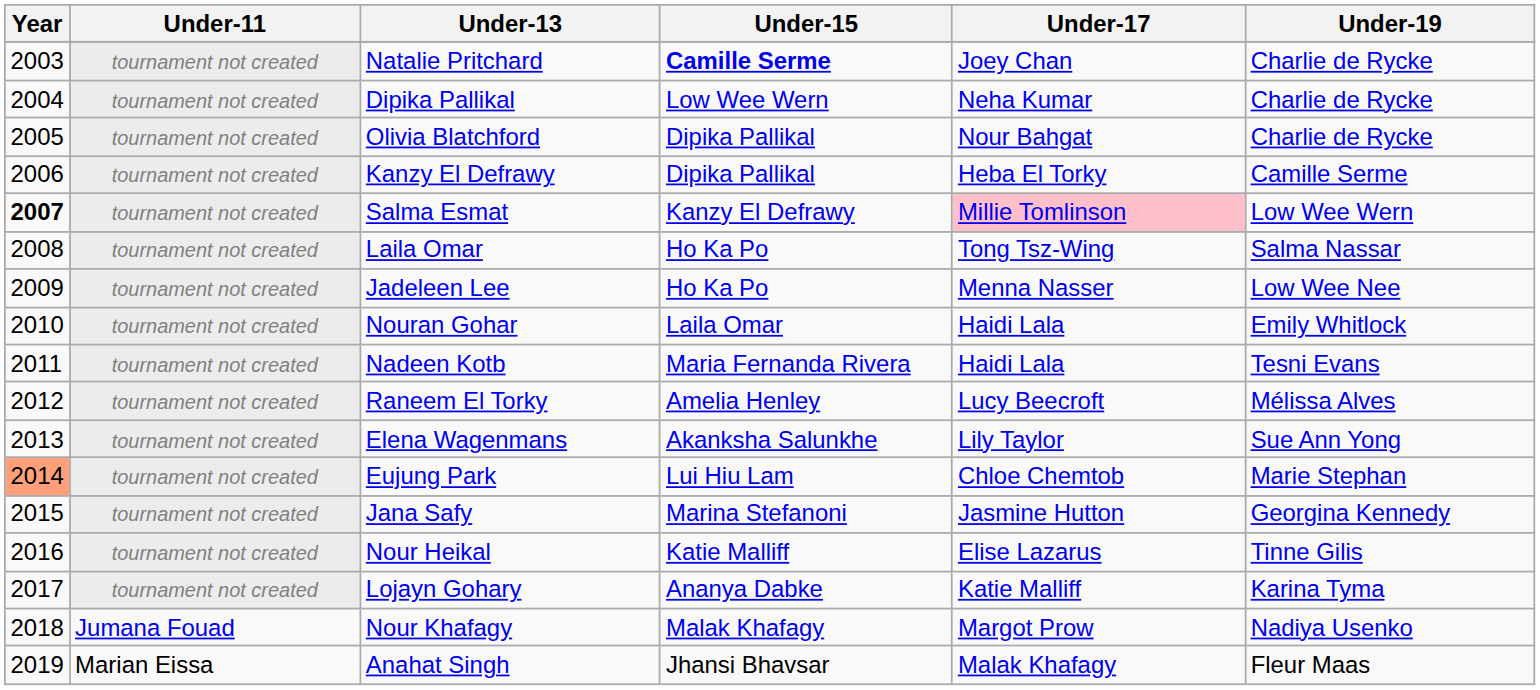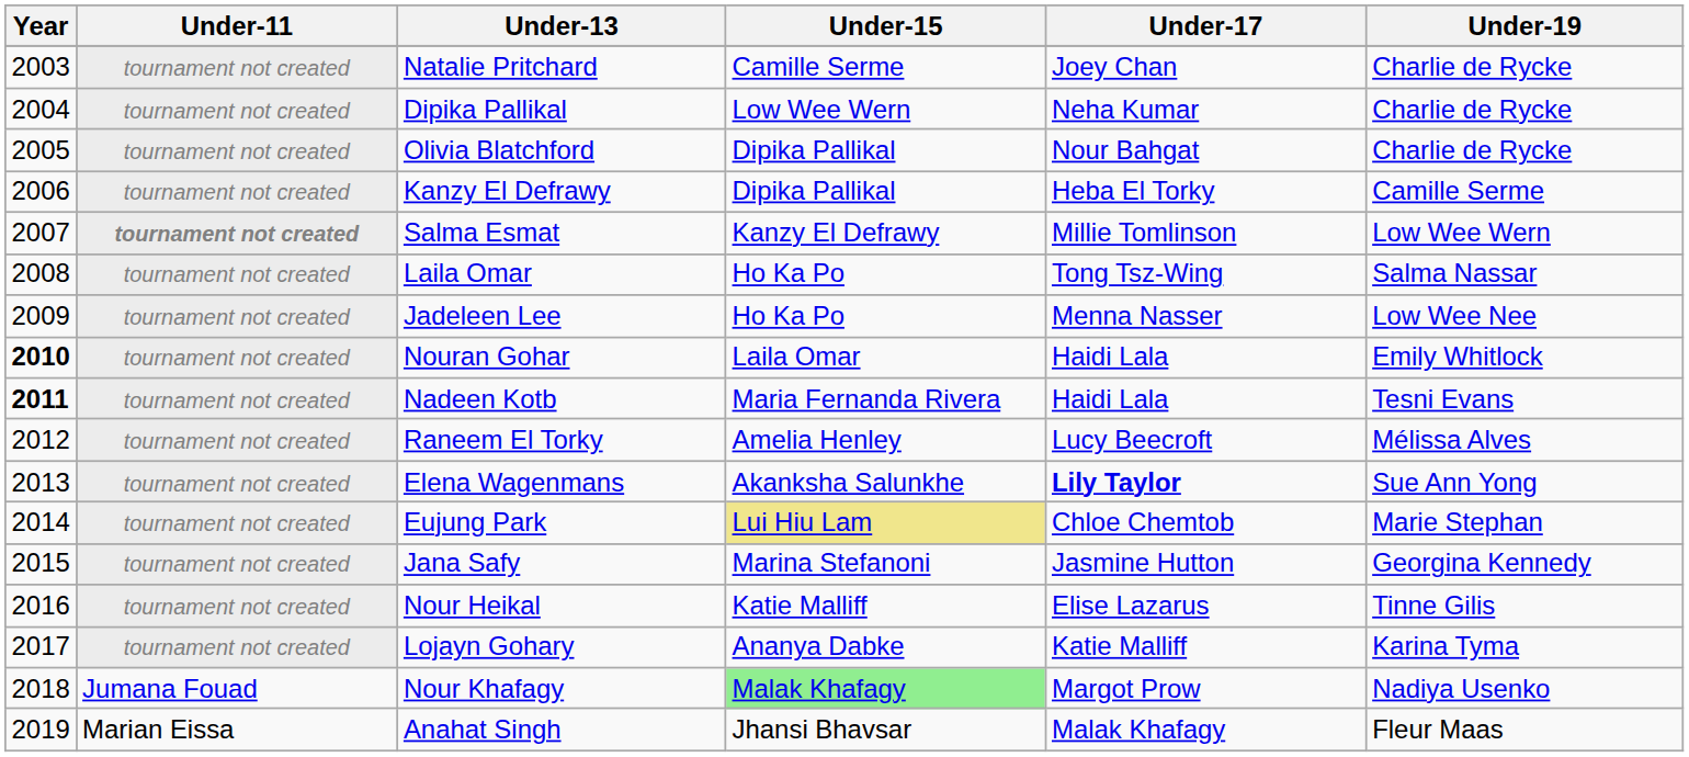 <table class="wikitable sortable" style="font-size: 85%">
 <tr>
 <th>Year</th>
 <th width=200>Under-11</th>
 <th width=200>Under-13</th>
 <th width=200>Under-15</th>
 <th width=200>Under-17</th>
 <th width=200>Under-19</th>
 </tr>
 <tr>
 </tr>
 <tr>
 <td>2003</td>
 <td style="background: #ececec; color: grey; text-align: center" class="table-na"><small><em>tournament not created</em></small></td>
 <td> <a href='#'>Natalie Pritchard</a></td>
-<td><strong> <a href='#'>Camille Serme</a></strong></td>
+<td> <a href='#'>Camille Serme</a></td>
 <td> <a href='#'>Joey Chan</a></td>
 <td> <a href='#'>Charlie de Rycke</a></td>
 </tr>
 <tr>
 <td>2004</td>
 <td style="background: #ececec; color: grey; text-align: center" class="table-na"><small><em>tournament not created</em></small></td>
 <td> <a href='#'>Dipika Pallikal</a></td>
 <td> <a href='#'>Low Wee Wern</a></td>
 <td> <a href='#'>Neha Kumar</a></td>
 <td> <a href='#'>Charlie de Rycke</a></td>
 </tr>
 <tr>
 <td>2005</td>
 <td style="background: #ececec; color: grey; text-align: center" class="table-na"><small><em>tournament not created</em></small></td>
 <td> <a href='#'>Olivia Blatchford</a></td>
 <td> <a href='#'>Dipika Pallikal</a></td>
 <td> <a href='#'>Nour Bahgat</a></td>
 <td> <a href='#'>Charlie de Rycke</a></td>
 </tr>
 <tr>
 <td>2006</td>
 <td style="background: #ececec; color: grey; text-align: center" class="table-na"><small><em>tournament not created</em></small></td>
 <td> <a href='#'>Kanzy El Defrawy</a></td>
 <td> <a href='#'>Dipika Pallikal</a></td>
 <td> <a href='#'>Heba El Torky</a></td>
 <td> <a href='#'>Camille Serme</a></td>
 </tr>
 <tr>
-<td><strong>2007</strong></td>
-<td style="background: #ececec; color: grey; text-align: center" class="table-na"><small><em>tournament not created</em></small></td>
+<td>2007</td>
+<td style="background: #ececec; color: grey; text-align: center" class="table-na"><strong><small><em>tournament not created</em></small></strong></td>
 <td> <a href='#'>Salma Esmat</a></td>
 <td> <a href='#'>Kanzy El Defrawy</a></td>
-<td style="background: pink;"> <a href='#'>Millie Tomlinson</a></td>
+<td> <a href='#'>Millie Tomlinson</a></td>
 <td> <a href='#'>Low Wee Wern</a></td>
 </tr>
 <tr>
 <td>2008</td>
 <td style="background: #ececec; color: grey; text-align: center" class="table-na"><small><em>tournament not created</em></small></td>
 <td> <a href='#'>Laila Omar</a></td>
 <td> <a href='#'>Ho Ka Po</a></td>
 <td> <a href='#'>Tong Tsz-Wing</a></td>
 <td> <a href='#'>Salma Nassar</a></td>
 </tr>
 <tr>
 <td>2009</td>
 <td style="background: #ececec; color: grey; text-align: center" class="table-na"><small><em>tournament not created</em></small></td>
 <td> <a href='#'>Jadeleen Lee</a></td>
 <td> <a href='#'>Ho Ka Po</a></td>
 <td> <a href='#'>Menna Nasser</a></td>
 <td> <a href='#'>Low Wee Nee</a></td>
 </tr>
 <tr>
-<td>2010</td>
+<td><strong>2010</strong></td>
 <td style="background: #ececec; color: grey; text-align: center" class="table-na"><small><em>tournament not created</em></small></td>
 <td> <a href='#'>Nouran Gohar</a></td>
 <td> <a href='#'>Laila Omar</a></td>
 <td> <a href='#'>Haidi Lala</a></td>
 <td> <a href='#'>Emily Whitlock</a></td>
 </tr>
 <tr>
-<td>2011</td>
+<td><strong>2011</strong></td>
 <td style="background: #ececec; color: grey; text-align: center" class="table-na"><small><em>tournament not created</em></small></td>
 <td> <a href='#'>Nadeen Kotb</a></td>
 <td> <a href='#'>Maria Fernanda Rivera</a></td>
 <td> <a href='#'>Haidi Lala</a></td>
 <td> <a href='#'>Tesni Evans</a></td>
 </tr>
 <tr>
 <td>2012</td>
 <td style="background: #ececec; color: grey; text-align: center" class="table-na"><small><em>tournament not created</em></small></td>
 <td> <a href='#'>Raneem El Torky</a></td>
 <td> <a href='#'>Amelia Henley</a></td>
 <td> <a href='#'>Lucy Beecroft</a></td>
 <td> <a href='#'>Mélissa Alves</a></td>
 </tr>
 <tr>
 <td>2013</td>
 <td style="background: #ececec; color: grey; text-align: center" class="table-na"><small><em>tournament not created</em></small></td>
 <td> <a href='#'>Elena Wagenmans</a></td>
 <td> <a href='#'>Akanksha Salunkhe</a></td>
-<td> <a href='#'>Lily Taylor</a></td>
+<td><strong> <a href='#'>Lily Taylor</a></strong></td>
 <td> <a href='#'>Sue Ann Yong</a></td>
 </tr>
 <tr>
-<td style="background: lightsalmon;">2014</td>
+<td>2014</td>
 <td style="background: #ececec; color: grey; text-align: center" class="table-na"><small><em>tournament not created</em></small></td>
 <td> <a href='#'>Eujung Park</a></td>
-<td> <a href='#'>Lui Hiu Lam</a></td>
+<td style="background: khaki;"> <a href='#'>Lui Hiu Lam</a></td>
 <td> <a href='#'>Chloe Chemtob</a></td>
 <td> <a href='#'>Marie Stephan</a></td>
 </tr>
 <tr>
 <td>2015</td>
 <td style="background: #ececec; color: grey; text-align: center" class="table-na"><small><em>tournament not created</em></small></td>
 <td> <a href='#'>Jana Safy</a></td>
 <td> <a href='#'>Marina Stefanoni</a></td>
 <td> <a href='#'>Jasmine Hutton</a></td>
 <td> <a href='#'>Georgina Kennedy</a></td>
 </tr>
 <tr>
 <td>2016</td>
 <td style="background: #ececec; color: grey; text-align: center" class="table-na"><small><em>tournament not created</em></small></td>
 <td> <a href='#'>Nour Heikal</a></td>
 <td> <a href='#'>Katie Malliff</a></td>
 <td> <a href='#'>Elise Lazarus</a></td>
 <td> <a href='#'>Tinne Gilis</a></td>
 </tr>
 <tr>
 <td>2017</td>
 <td style="background: #ececec; color: grey; text-align: center" class="table-na"><small><em>tournament not created</em></small></td>
 <td> <a href='#'>Lojayn Gohary</a></td>
 <td> <a href='#'>Ananya Dabke</a></td>
 <td> <a href='#'>Katie Malliff</a></td>
 <td> <a href='#'>Karina Tyma</a></td>
 </tr>
 <tr>
 <td>2018</td>
 <td> <a href='#'>Jumana Fouad</a></td>
 <td> <a href='#'>Nour Khafagy</a></td>
-<td> <a href='#'>Malak Khafagy</a></td>
+<td style="background: lightgreen;"> <a href='#'>Malak Khafagy</a></td>
 <td> <a href='#'>Margot Prow</a></td>
 <td> <a href='#'>Nadiya Usenko</a></td>
 </tr>
 <tr>
 <td>2019</td>
 <td> Marian Eissa</td>
 <td> <a href='#'>Anahat Singh</a></td>
 <td> Jhansi Bhavsar</td>
 <td> <a href='#'>Malak Khafagy</a></td>
 <td> Fleur Maas</td>
 </tr>
 </table>
